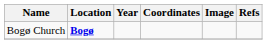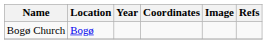 <table class="wikitable sortable">
 <tr>
 <th>Name</th>
 <th>Location</th>
 <th>Year</th>
 <th>Coordinates</th>
 <th>Image</th>
 <th>Refs</th>
 </tr>
 <tr>
 <td>Bogø Church</td>
-<td><strong><a href='#'>Bogø</a></strong></td>
+<td><a href='#'>Bogø</a></td>
 <td></td>
 <td></td>
 <td></td>
 <td></td>
 </tr>
 <tr>
 </tr>
 </table>
